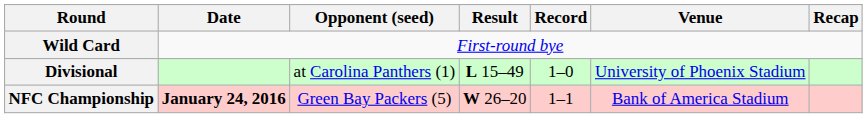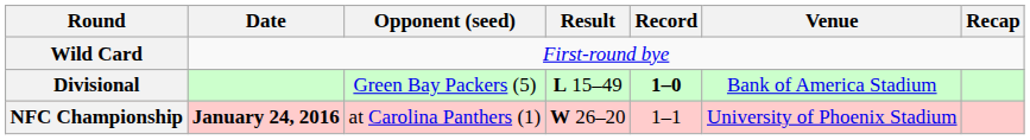 <table class="wikitable" style="text-align:center">
 <tr>
 <th>Round</th>
 <th>Date</th>
 <th>Opponent (seed)</th>
 <th>Result</th>
 <th>Record</th>
 <th>Venue</th>
 <th>Recap</th>
 </tr>
 <tr>
 <th>Wild Card</th>
 <td colspan=8><em><a href='#'>First-round bye</a></em></td>
 </tr>
 <tr style="background:#cfc">
 <th>Divisional</th>
 <td></td>
-<td>at <a href='#'>Carolina Panthers</a> (1)</td>
+<td><a href='#'>Green Bay Packers</a> (5)</td>
 <td><strong>L</strong> 15–49</td>
-<td>1–0</td>
-<td><a href='#'>University of Phoenix Stadium</a></td>
+<td><strong>1–0</strong></td>
+<td><a href='#'>Bank of America Stadium</a></td>
 <td></td>
 </tr>
 <tr style="background:#fcc">
 <th>NFC Championship</th>
 <td><strong>January 24, 2016</strong></td>
-<td><a href='#'>Green Bay Packers</a> (5)</td>
+<td>at <a href='#'>Carolina Panthers</a> (1)</td>
 <td><strong>W</strong> 26–20 </td>
 <td>1–1</td>
-<td><a href='#'>Bank of America Stadium</a></td>
+<td><a href='#'>University of Phoenix Stadium</a></td>
 <td></td>
 </tr>
 </table>
